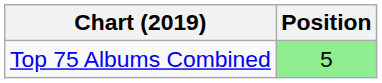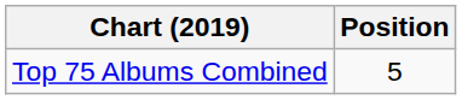 <table class="wikitable" style="text-align:center;">
 <tr>
 <th>Chart (2019)</th>
 <th>Position</th>
 </tr>
 <tr>
 <td align="left"><a href='#'>Top 75 Albums Combined</a></td>
-<td style="background: lightgreen;">5</td>
+<td>5</td>
 </tr>
 </table>
